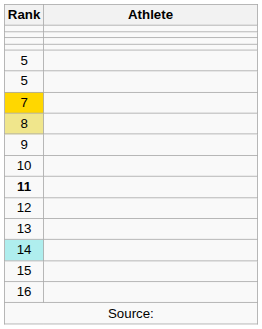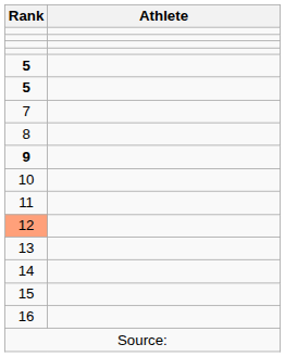 <table class="wikitable" style="text-align: center;">
 <tr>
 <th width=40>Rank</th>
 <th width=250>Athlete</th>
 </tr>
 <tr>
 <td></td>
 <td align="left"></td>
 </tr>
 <tr>
 <td></td>
 <td align="left"></td>
 </tr>
 <tr>
 <td></td>
 <td align="left"></td>
 </tr>
 <tr>
 <td></td>
 <td align="left"></td>
 </tr>
 <tr>
-<td>5</td>
+<td><strong>5</strong></td>
 <td align="left"></td>
 </tr>
 <tr>
-<td>5</td>
+<td><strong>5</strong></td>
 <td align="left"></td>
 </tr>
 <tr>
-<td style="background: gold;">7</td>
+<td>7</td>
 <td align="left"></td>
 </tr>
 <tr>
-<td style="background: khaki;">8</td>
+<td>8</td>
 <td align="left"></td>
 </tr>
 <tr>
-<td>9</td>
+<td><strong>9</strong></td>
 <td align="left"></td>
 </tr>
 <tr>
 <td>10</td>
 <td align="left"></td>
 </tr>
 <tr>
-<td><strong>11</strong></td>
+<td>11</td>
 <td align="left"></td>
 </tr>
 <tr>
-<td>12</td>
+<td style="background: lightsalmon;">12</td>
 <td align="left"></td>
 </tr>
 <tr>
 <td>13</td>
 <td align="left"></td>
 </tr>
 <tr>
-<td style="background: paleturquoise;">14</td>
+<td>14</td>
 <td align="left"></td>
 </tr>
 <tr>
 <td>15</td>
 <td align="left"></td>
 </tr>
 <tr>
 <td>16</td>
 <td align="left"></td>
 </tr>
 <tr>
 <td colspan="2">Source:</td>
 </tr>
 </table>
